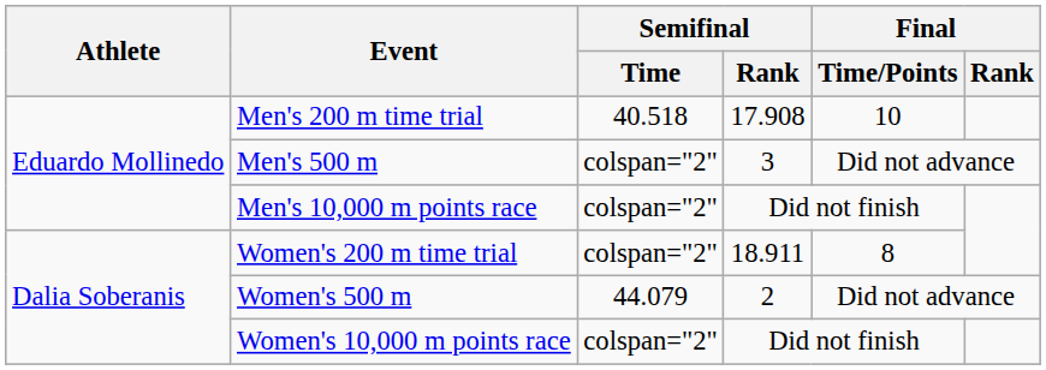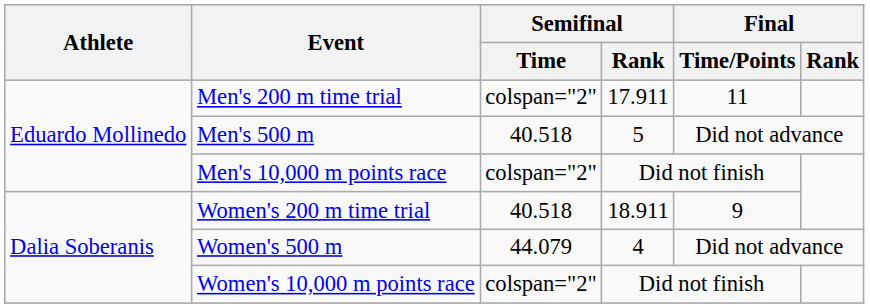 <table class="wikitable" border="1" style="font-size:90%">
 <tr>
 <th rowspan=2>Athlete</th>
 <th rowspan=2>Event</th>
 <th colspan=2>Semifinal</th>
 <th colspan=2>Final</th>
 </tr>
 <tr>
 <th>Time</th>
 <th>Rank</th>
 <th>Time/Points</th>
 <th>Rank</th>
 </tr>
 <tr align=center>
 <td rowspan="3" align=left><a href='#'>Eduardo Mollinedo</a></td>
 <td align=left><a href='#'>Men's 200 m time trial</a></td>
-<td>40.518</td>
-<td>17.908</td>
-<td>10</td>
+<td>colspan="2" </td>
+<td>17.911</td>
+<td>11</td>
 </tr>
 <tr align=center>
 <td align=left><a href='#'>Men's 500 m</a></td>
-<td>colspan="2" </td>
-<td>3</td>
+<td>40.518</td>
+<td>5</td>
 <td colspan="2">Did not advance</td>
 </tr>
 <tr align=center>
 <td align=left><a href='#'>Men's 10,000 m points race</a></td>
 <td>colspan="2" </td>
 <td colspan="2">Did not finish</td>
 </tr>
 <tr align=center>
 <td rowspan="3" align=left><a href='#'>Dalia Soberanis</a></td>
 <td align=left><a href='#'>Women's 200 m time trial</a></td>
-<td>colspan="2" </td>
+<td>40.518</td>
 <td>18.911</td>
-<td>8</td>
+<td>9</td>
 </tr>
 <tr align=center>
 <td align=left><a href='#'>Women's 500 m</a></td>
 <td>44.079</td>
-<td>2</td>
+<td>4</td>
 <td colspan="2">Did not advance</td>
 </tr>
 <tr align=center>
 <td align=left><a href='#'>Women's 10,000 m points race</a></td>
 <td>colspan="2" </td>
 <td colspan="2">Did not finish</td>
 </tr>
 </table>
